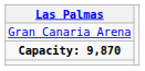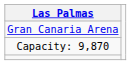 <table class="wikitable" style="margin:1em auto; text-align:center">
 <tr>
 <th><a href='#'>Las Palmas</a></th>
 <td rowspan="4"></td>
 </tr>
 <tr>
 <td><a href='#'>Gran Canaria Arena</a></td>
 </tr>
 <tr>
-<td><strong>Capacity: 9,870</strong></td>
+<td>Capacity: 9,870</td>
 </tr>
 <tr>
 <td></td>
 </tr>
 </table>
